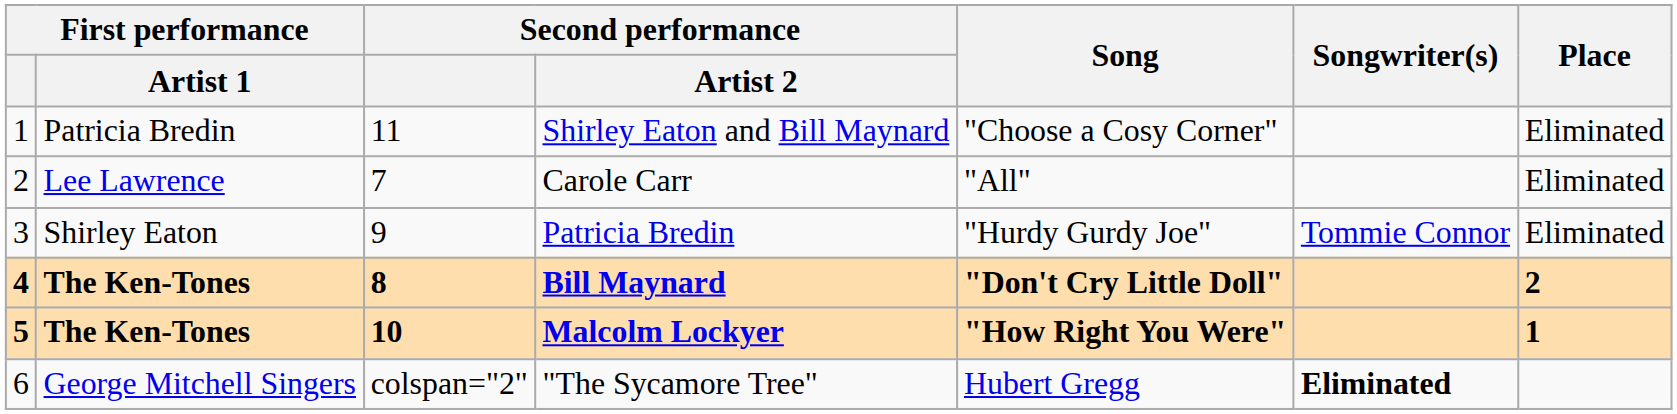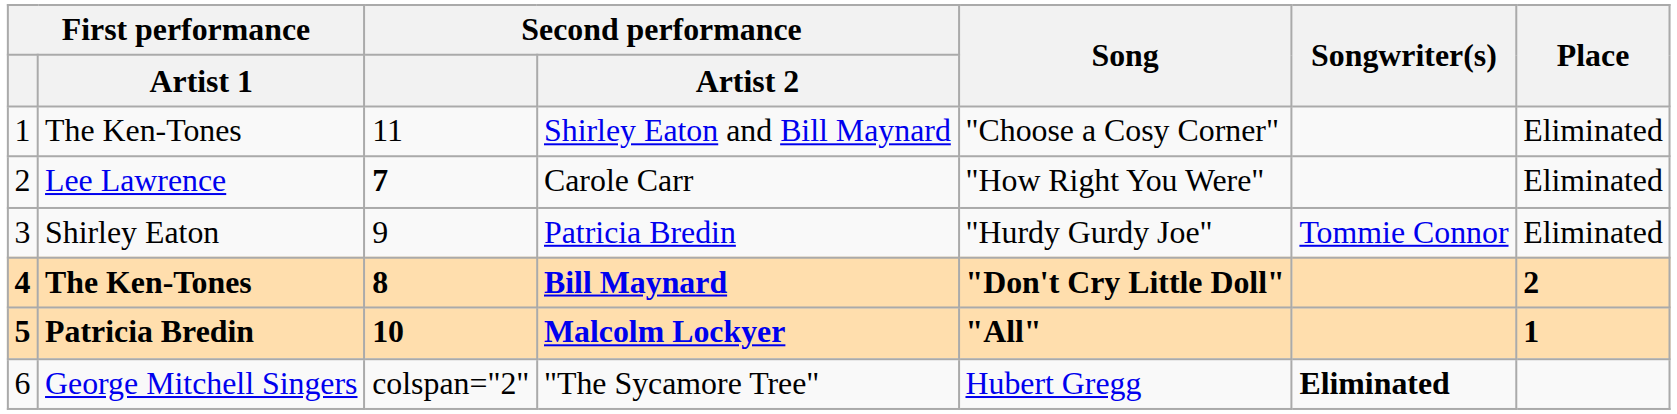 <table class="sortable wikitable" style="margin: 1em auto 1em auto; text-align:left">
 <tr>
 <th colspan="2">First performance</th>
 <th colspan="2">Second performance</th>
 <th rowspan="2">Song</th>
 <th rowspan="2">Songwriter(s)</th>
 <th rowspan="2">Place</th>
 </tr>
 <tr>
 <th></th>
 <th>Artist 1</th>
 <th></th>
 <th>Artist 2</th>
 </tr>
 <tr>
 <td>1</td>
-<td>Patricia Bredin</td>
+<td>The Ken-Tones</td>
 <td>11</td>
 <td><a href='#'>Shirley Eaton</a> and <a href='#'>Bill Maynard</a></td>
 <td>"Choose a Cosy Corner"</td>
 <td></td>
 <td>Eliminated</td>
 </tr>
 <tr>
 <td>2</td>
 <td><a href='#'>Lee Lawrence</a></td>
-<td>7</td>
+<td><strong>7</strong></td>
 <td>Carole Carr</td>
-<td>"All"</td>
+<td>"How Right You Were"</td>
 <td></td>
 <td>Eliminated</td>
 </tr>
 <tr>
 <td>3</td>
 <td>Shirley Eaton</td>
 <td>9</td>
 <td><a href='#'>Patricia Bredin</a></td>
 <td>"Hurdy Gurdy Joe"</td>
 <td><a href='#'>Tommie Connor</a></td>
 <td>Eliminated</td>
 </tr>
 <tr style="font-weight:bold; background:navajowhite">
 <td>4</td>
 <td>The Ken-Tones</td>
 <td>8</td>
 <td><a href='#'>Bill Maynard</a></td>
 <td>"Don't Cry Little Doll"</td>
 <td></td>
 <td>2</td>
 </tr>
 <tr style="font-weight:bold; background:navajowhite">
 <td>5</td>
-<td>The Ken-Tones</td>
+<td>Patricia Bredin</td>
 <td>10</td>
 <td><a href='#'>Malcolm Lockyer</a></td>
-<td>"How Right You Were"</td>
+<td>"All"</td>
 <td></td>
 <td>1</td>
 </tr>
 <tr>
 <td>6</td>
 <td><a href='#'>George Mitchell Singers</a></td>
 <td>colspan="2" </td>
 <td>"The Sycamore Tree"</td>
 <td><a href='#'>Hubert Gregg</a></td>
 <td><strong>Eliminated</strong></td>
 </tr>
 </table>
